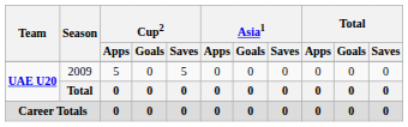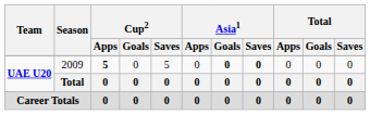 <table class="wikitable" style="font-size:90%; text-align: center;">
 <tr>
 <th rowspan="2">Team</th>
 <th rowspan="2">Season</th>
 <th colspan="3"><br>Cup<sup>2</sup></th>
 <th colspan="3"><br><a href='#'>Asia</a><sup>1</sup></th>
 <th colspan="3">Total</th>
 </tr>
 <tr>
 <th>Apps</th>
 <th>Goals</th>
 <th>Saves</th>
 <th>Apps</th>
 <th>Goals</th>
 <th>Saves</th>
 <th>Apps</th>
 <th>Goals</th>
 <th>Saves</th>
 </tr>
 <tr>
 </tr>
 <tr align=center>
 <td rowspan="2" align=center valign=center><strong><a href='#'>UAE U20</a></strong></td>
 <td>2009</td>
-<td>5</td>
+<td><strong>5</strong></td>
 <td>0</td>
 <td>5</td>
 <td>0</td>
-<td>0</td>
-<td>0</td>
+<td><strong>0</strong></td>
+<td><strong>0</strong></td>
 <td>0</td>
 <td>0</td>
 <td>0</td>
 </tr>
 <tr align=center>
 <th>Total</th>
 <th>0</th>
 <th>0</th>
 <th>0</th>
 <th>0</th>
 <th>0</th>
 <th>0</th>
 <th>0</th>
 <th>0</th>
 <th>0</th>
 </tr>
 <tr>
 <th style="background: #DCDCDC" colspan="2">Career Totals</th>
 <th style="background: #DCDCDC">0</th>
 <th style="background: #DCDCDC">0</th>
 <th style="background: #DCDCDC">0</th>
 <th style="background: #DCDCDC">0</th>
 <th style="background: #DCDCDC">0</th>
 <th style="background: #DCDCDC">0</th>
 <th style="background: #DCDCDC">0</th>
 <th style="background: #DCDCDC">0</th>
 <th style="background: #DCDCDC">0</th>
 </tr>
 </table>
